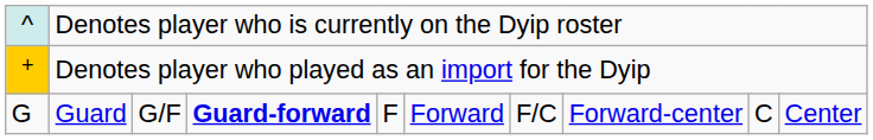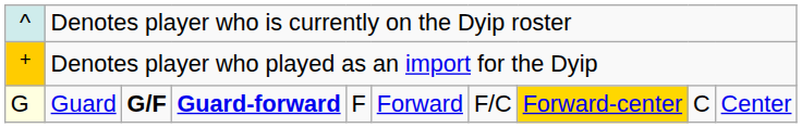 <table class="wikitable">
 <tr>
 <td align="center" bgcolor="#CFECEC" width="20">^</td>
 <td colspan=9>Denotes player who is currently on the Dyip roster</td>
 </tr>
 <tr>
 <td align="center" bgcolor="#FFCC00" width="20"><sup>+</sup></td>
 <td colspan=9>Denotes player who played as an <a href='#'>import</a> for the Dyip</td>
 </tr>
 <tr>
-<td>G</td>
+<td style="background: lightyellow;">G</td>
 <td><a href='#'>Guard</a></td>
-<td>G/F</td>
+<td><strong>G/F</strong></td>
 <td><strong><a href='#'>Guard-forward</a></strong></td>
 <td>F</td>
 <td><a href='#'>Forward</a></td>
 <td>F/C</td>
-<td><a href='#'>Forward-center</a></td>
+<td style="background: gold;"><a href='#'>Forward-center</a></td>
 <td>C</td>
 <td><a href='#'>Center</a></td>
 </tr>
 </table>
